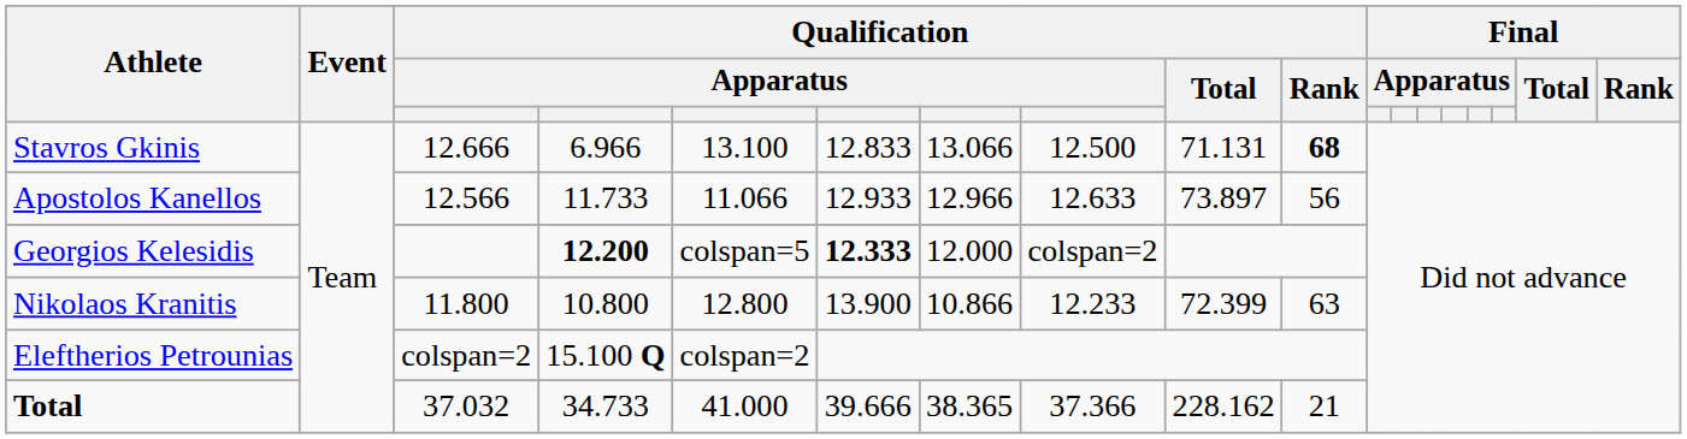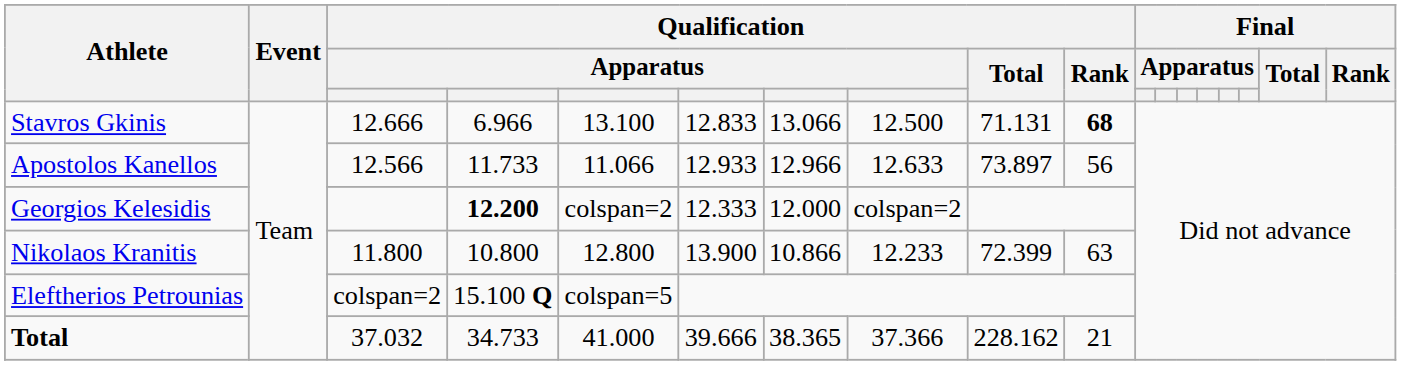 <table class="wikitable" style="font-size:90%">
 <tr>
 <th rowspan=3>Athlete</th>
 <th rowspan=3>Event</th>
 <th colspan =8>Qualification</th>
 <th colspan =8>Final</th>
 </tr>
 <tr style="font-size:95%">
 <th colspan=6>Apparatus</th>
 <th rowspan=2>Total</th>
 <th rowspan=2>Rank</th>
 <th colspan=6>Apparatus</th>
 <th rowspan=2>Total</th>
 <th rowspan=2>Rank</th>
 </tr>
 <tr style="font-size:95%">
 <th></th>
 <th></th>
 <th></th>
 <th></th>
 <th></th>
 <th></th>
 <th></th>
 <th></th>
 <th></th>
 <th></th>
 <th></th>
 <th></th>
 </tr>
 <tr align=center>
 <td align=left><a href='#'>Stavros Gkinis</a></td>
 <td align=left rowspan=6>Team</td>
 <td>12.666</td>
 <td>6.966</td>
 <td>13.100</td>
 <td>12.833</td>
 <td>13.066</td>
 <td>12.500</td>
 <td>71.131</td>
 <td><strong>68</strong></td>
 <td rowspan=6 colspan=8>Did not advance</td>
 </tr>
 <tr align=center>
 <td align=left><a href='#'>Apostolos Kanellos</a></td>
 <td>12.566</td>
 <td>11.733</td>
 <td>11.066</td>
 <td>12.933</td>
 <td>12.966</td>
 <td>12.633</td>
 <td>73.897</td>
 <td>56</td>
 </tr>
 <tr align=center>
 <td align=left><a href='#'>Georgios Kelesidis</a></td>
 <td></td>
 <td><strong>12.200</strong></td>
-<td>colspan=5</td>
-<td><strong>12.333</strong></td>
+<td>colspan=2</td>
+<td>12.333</td>
 <td>12.000</td>
 <td>colspan=2</td>
 </tr>
 <tr align=center>
 <td align=left><a href='#'>Nikolaos Kranitis</a></td>
 <td>11.800</td>
 <td>10.800</td>
 <td>12.800</td>
 <td>13.900</td>
 <td>10.866</td>
 <td>12.233</td>
 <td>72.399</td>
 <td>63</td>
 </tr>
 <tr align=center>
 <td align=left><a href='#'>Eleftherios Petrounias</a></td>
 <td>colspan=2</td>
 <td>15.100 <strong>Q</strong></td>
-<td>colspan=2</td>
+<td>colspan=5</td>
 </tr>
 <tr align=center>
 <td align=left><strong>Total</strong></td>
 <td>37.032</td>
 <td>34.733</td>
 <td>41.000</td>
 <td>39.666</td>
 <td>38.365</td>
 <td>37.366</td>
 <td>228.162</td>
 <td>21</td>
 </tr>
 </table>
